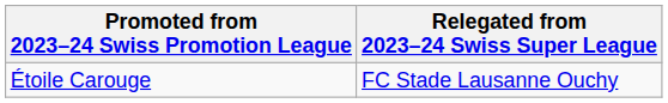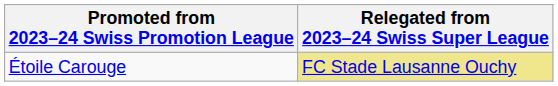 <table class="wikitable">
 <tr>
 <th>Promoted from<br><a href='#'>2023–24 Swiss Promotion League</a></th>
 <th>Relegated from<br><a href='#'>2023–24 Swiss Super League</a></th>
 </tr>
 <tr>
 <td><a href='#'>Étoile Carouge</a></td>
-<td><a href='#'>FC Stade Lausanne Ouchy</a></td>
+<td style="background: khaki;"><a href='#'>FC Stade Lausanne Ouchy</a></td>
 </tr>
 </table>
